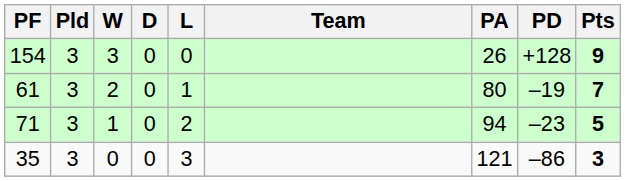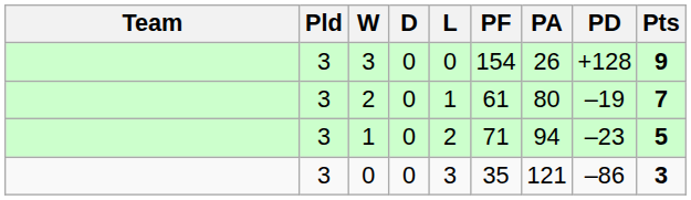 <table class="wikitable" style="text-align:center;">
 <tr>
-<th width="20" abbr="Points for">PF</th>
+<th width="190">Team</th>
 <th width="20" abbr="Played">Pld</th>
 <th width="20" abbr="Won">W</th>
 <th width="20" abbr="Drawn">D</th>
 <th width="20" abbr="Lost">L</th>
-<th width="190">Team</th>
+<th width="20" abbr="Points for">PF</th>
 <th width="20" abbr="Points against">PA</th>
 <th width="25" abbr="Points difference">PD</th>
 <th width="20" abbr="Points">Pts</th>
 </tr>
 <tr style="background:#ccffcc">
-<td>154</td>
+<td align="left"></td>
 <td>3</td>
 <td>3</td>
 <td>0</td>
 <td>0</td>
-<td align="left"></td>
+<td>154</td>
 <td>26</td>
 <td>+128</td>
 <td><strong>9</strong></td>
 </tr>
 <tr style="background:#ccffcc">
-<td>61</td>
+<td align="left"></td>
 <td>3</td>
 <td>2</td>
 <td>0</td>
 <td>1</td>
-<td align="left"></td>
+<td>61</td>
 <td>80</td>
 <td>–19</td>
 <td><strong>7</strong></td>
 </tr>
 <tr style="background:#ccffcc">
-<td>71</td>
+<td align="left"></td>
 <td>3</td>
 <td>1</td>
 <td>0</td>
 <td>2</td>
-<td align="left"></td>
+<td>71</td>
 <td>94</td>
 <td>–23</td>
 <td><strong>5</strong></td>
 </tr>
 <tr>
-<td>35</td>
+<td align="left"></td>
 <td>3</td>
 <td>0</td>
 <td>0</td>
 <td>3</td>
-<td align="left"></td>
+<td>35</td>
 <td>121</td>
 <td>–86</td>
 <td><strong>3</strong></td>
 </tr>
 </table>
